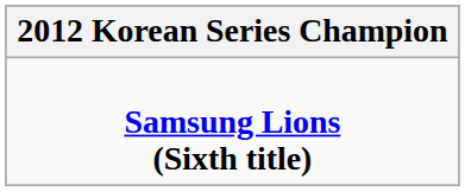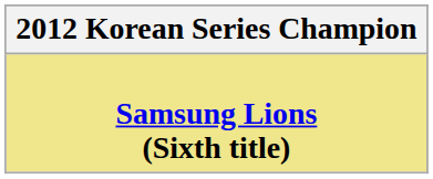 <table width="220" class="wikitable">
 <tr>
 <th><strong>2012 Korean Series Champion</strong></th>
 </tr>
 <tr align="center">
-<td><br><strong><a href='#'>Samsung Lions</a></strong><br><strong>(Sixth title)</strong></td>
+<td style="background: khaki;"><br><strong><a href='#'>Samsung Lions</a></strong><br><strong>(Sixth title)</strong></td>
 </tr>
 </table>
